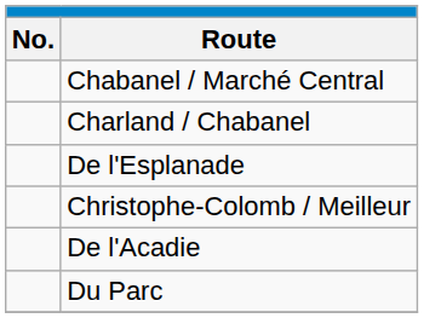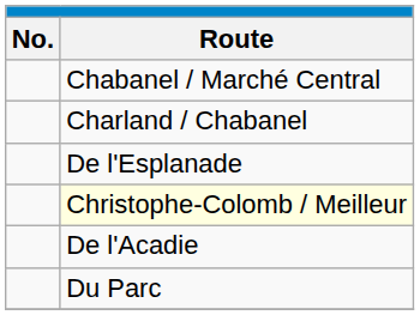 <table align=center class="wikitable">
 <tr>
 <th style="background: #0085CA; font-size:100%; color:#FFFFFF;"colspan="4"><a href='#'></a></th>
 </tr>
 <tr>
 <th>No.</th>
 <th>Route</th>
 </tr>
 <tr>
 <td></td>
 <td>Chabanel / Marché Central</td>
 </tr>
 <tr>
 <td></td>
 <td>Charland / Chabanel</td>
 </tr>
 <tr>
 <td></td>
 <td>De l'Esplanade</td>
 </tr>
 <tr>
 <td></td>
-<td>Christophe-Colomb / Meilleur</td>
+<td style="background: lightyellow;">Christophe-Colomb / Meilleur</td>
 </tr>
 <tr>
 <td></td>
 <td>De l'Acadie</td>
 </tr>
 <tr>
 <td {{Avoid wrap> </td>
 <td>Du Parc</td>
 </tr>
 <tr>
 </tr>
 </table>
